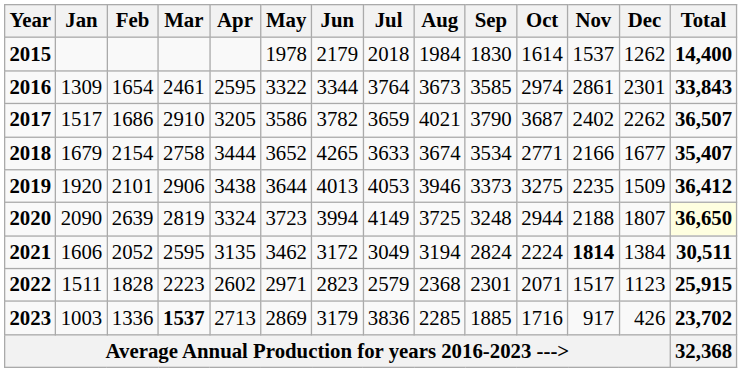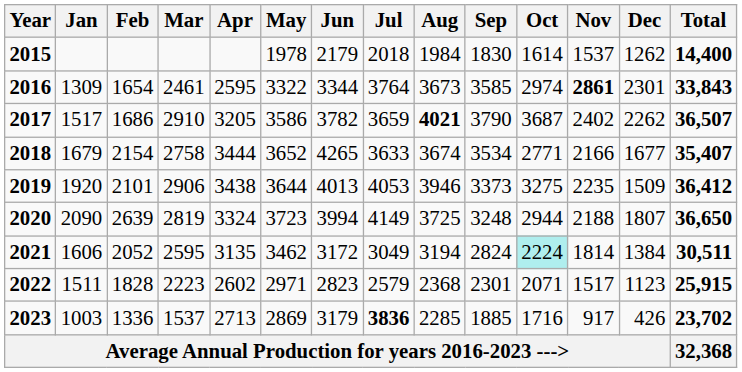 <table class=wikitable>
 <tr>
 <th>Year</th>
 <th>Jan</th>
 <th>Feb</th>
 <th>Mar</th>
 <th>Apr</th>
 <th>May</th>
 <th>Jun</th>
 <th>Jul</th>
 <th>Aug</th>
 <th>Sep</th>
 <th>Oct</th>
 <th>Nov</th>
 <th>Dec</th>
 <th>Total</th>
 </tr>
 <tr align=right>
 <td><strong>2015</strong></td>
 <td></td>
 <td></td>
 <td></td>
 <td></td>
 <td>1978</td>
 <td>2179</td>
 <td>2018</td>
 <td>1984</td>
 <td>1830</td>
 <td>1614</td>
 <td>1537</td>
 <td>1262</td>
 <td><strong>14,400</strong></td>
 </tr>
 <tr align=right>
 <td><strong>2016</strong></td>
 <td>1309</td>
 <td>1654</td>
 <td>2461</td>
 <td>2595</td>
 <td>3322</td>
 <td>3344</td>
 <td>3764</td>
 <td>3673</td>
 <td>3585</td>
 <td>2974</td>
-<td>2861</td>
+<td><strong>2861</strong></td>
 <td>2301</td>
 <td><strong>33,843</strong></td>
 </tr>
 <tr align=right>
 <td><strong>2017</strong></td>
 <td>1517</td>
 <td>1686</td>
 <td>2910</td>
 <td>3205</td>
 <td>3586</td>
 <td>3782</td>
 <td>3659</td>
-<td>4021</td>
+<td><strong>4021</strong></td>
 <td>3790</td>
 <td>3687</td>
 <td>2402</td>
 <td>2262</td>
 <td><strong>36,507</strong></td>
 </tr>
 <tr align=right>
 <td><strong>2018</strong></td>
 <td>1679</td>
 <td>2154</td>
 <td>2758</td>
 <td>3444</td>
 <td>3652</td>
 <td>4265</td>
 <td>3633</td>
 <td>3674</td>
 <td>3534</td>
 <td>2771</td>
 <td>2166</td>
 <td>1677</td>
 <td><strong>35,407</strong></td>
 </tr>
 <tr align=right>
 <td><strong>2019</strong></td>
 <td>1920</td>
 <td>2101</td>
 <td>2906</td>
 <td>3438</td>
 <td>3644</td>
 <td>4013</td>
 <td>4053</td>
 <td>3946</td>
 <td>3373</td>
 <td>3275</td>
 <td>2235</td>
 <td>1509</td>
 <td><strong>36,412</strong></td>
 </tr>
 <tr align=right>
 <td><strong>2020</strong></td>
 <td>2090</td>
 <td>2639</td>
 <td>2819</td>
 <td>3324</td>
 <td>3723</td>
 <td>3994</td>
 <td>4149</td>
 <td>3725</td>
 <td>3248</td>
 <td>2944</td>
 <td>2188</td>
 <td>1807</td>
-<td style="background: lightyellow;"><strong>36,650</strong></td>
+<td><strong>36,650</strong></td>
 </tr>
 <tr align=right>
 <td><strong>2021</strong></td>
 <td>1606</td>
 <td>2052</td>
 <td>2595</td>
 <td>3135</td>
 <td>3462</td>
 <td>3172</td>
 <td>3049</td>
 <td>3194</td>
 <td>2824</td>
-<td>2224</td>
-<td><strong>1814</strong></td>
+<td style="background: paleturquoise;">2224</td>
+<td>1814</td>
 <td>1384</td>
 <td><strong>30,511</strong></td>
 </tr>
 <tr align=right>
 <td><strong>2022</strong></td>
 <td>1511</td>
 <td>1828</td>
 <td>2223</td>
 <td>2602</td>
 <td>2971</td>
 <td>2823</td>
 <td>2579</td>
 <td>2368</td>
 <td>2301</td>
 <td>2071</td>
 <td>1517</td>
 <td>1123</td>
 <td><strong>25,915</strong></td>
 </tr>
 <tr align=right>
 <td><strong>2023</strong></td>
 <td>1003</td>
 <td>1336</td>
-<td><strong>1537</strong></td>
+<td>1537</td>
 <td>2713</td>
 <td>2869</td>
 <td>3179</td>
-<td>3836</td>
+<td><strong>3836</strong></td>
 <td>2285</td>
 <td>1885</td>
 <td>1716</td>
 <td>917</td>
 <td>426</td>
 <td><strong>23,702</strong></td>
 </tr>
 <tr align=right>
 <th colspan=13>Average Annual Production for years 2016-2023  ---></th>
 <th>32,368</th>
 </tr>
 </table>
